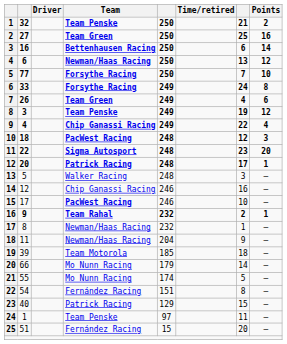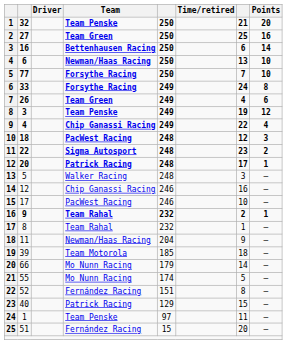 <table class="wikitable sortable" style="font-size:95%;">
 <tr>
 <th scope="col"></th>
 <th scope="col"></th>
 <th scope="col">Driver</th>
 <th scope="col">Team</th>
 <th scope="col"></th>
 <th scope="col">Time/retired</th>
 <th scope="col"></th>
 <th scope="col">Points</th>
 </tr>
 <tr>
 <th scope="row">1</th>
 <td align="center"><strong>32</strong></td>
 <td></td>
 <td><strong><a href='#'>Team Penske</a></strong></td>
 <td align="center"><strong>250</strong></td>
 <td align="center"></td>
 <td align="center"><strong>21</strong></td>
-<td align="center"><strong>2</strong></td>
+<td align="center"><strong>20</strong></td>
 </tr>
 <tr>
 <th scope="row">2</th>
 <td align="center"><strong>27</strong></td>
 <td></td>
 <td><strong><a href='#'>Team Green</a></strong></td>
 <td align="center"><strong>250</strong></td>
 <td align="center"></td>
 <td align="center"><strong>25</strong></td>
 <td align="center"><strong>16</strong></td>
 </tr>
 <tr>
 <th scope="row">3</th>
 <td align="center"><strong>16</strong></td>
 <td></td>
 <td><strong><a href='#'>Bettenhausen Racing</a></strong></td>
 <td align="center"><strong>250</strong></td>
 <td align="center"></td>
 <td align="center"><strong>6</strong></td>
 <td align="center"><strong>14</strong></td>
 </tr>
 <tr>
 <th scope="row">4</th>
 <td align="center"><strong>6</strong></td>
 <td></td>
 <td><strong><a href='#'>Newman/Haas Racing</a></strong></td>
 <td align="center"><strong>250</strong></td>
 <td align="center"></td>
 <td align="center"><strong>13</strong></td>
-<td align="center"><strong>12</strong></td>
+<td align="center"><strong>10</strong></td>
 </tr>
 <tr>
 <th scope="row">5</th>
 <td align="center"><strong>77</strong></td>
 <td></td>
 <td><strong><a href='#'>Forsythe Racing</a></strong></td>
 <td align="center"><strong>250</strong></td>
 <td align="center"></td>
 <td align="center"><strong>7</strong></td>
 <td align="center"><strong>10</strong></td>
 </tr>
 <tr>
 <th scope="row">6</th>
 <td align="center"><strong>33</strong></td>
 <td></td>
 <td><strong><a href='#'>Forsythe Racing</a></strong></td>
 <td align="center"><strong>249</strong></td>
 <td align="center"></td>
 <td align="center"><strong>24</strong></td>
 <td align="center"><strong>8</strong></td>
 </tr>
 <tr>
 <th scope="row">7</th>
 <td align="center"><strong>26</strong></td>
 <td></td>
 <td><strong><a href='#'>Team Green</a></strong></td>
 <td align="center"><strong>249</strong></td>
 <td align="center"></td>
 <td align="center"><strong>4</strong></td>
 <td align="center"><strong>6</strong></td>
 </tr>
 <tr>
 <th scope="row">8</th>
 <td align="center"><strong>3</strong></td>
 <td></td>
 <td><strong><a href='#'>Team Penske</a></strong></td>
 <td align="center"><strong>249</strong></td>
 <td align="center"></td>
 <td align="center"><strong>19</strong></td>
 <td align="center"><strong>12</strong></td>
 </tr>
 <tr>
 <th scope="row">9</th>
 <td align="center"><strong>4</strong></td>
 <td></td>
 <td><strong><a href='#'>Chip Ganassi Racing</a></strong></td>
 <td align="center"><strong>249</strong></td>
 <td align="center"></td>
 <td align="center"><strong>22</strong></td>
 <td align="center"><strong>4</strong></td>
 </tr>
 <tr>
 <th scope="row">10</th>
 <td align="center"><strong>18</strong></td>
 <td></td>
 <td><strong><a href='#'>PacWest Racing</a></strong></td>
 <td align="center"><strong>248</strong></td>
 <td align="center"></td>
 <td align="center"><strong>12</strong></td>
 <td align="center"><strong>3</strong></td>
 </tr>
 <tr>
 <th scope="row">11</th>
 <td align="center"><strong>22</strong></td>
 <td></td>
 <td><strong><a href='#'>Sigma Autosport</a></strong></td>
 <td align="center"><strong>248</strong></td>
 <td align="center"></td>
 <td align="center"><strong>23</strong></td>
-<td align="center"><strong>20</strong></td>
+<td align="center"><strong>2</strong></td>
 </tr>
 <tr>
 <th scope="row">12</th>
 <td align="center"><strong>20</strong></td>
 <td></td>
 <td><strong><a href='#'>Patrick Racing</a></strong></td>
 <td align="center"><strong>248</strong></td>
 <td align="center"></td>
 <td align="center"><strong>17</strong></td>
 <td align="center"><strong>1</strong></td>
 </tr>
 <tr>
 <th scope="row">13</th>
 <td align="center">5</td>
 <td></td>
 <td><a href='#'>Walker Racing</a></td>
 <td align="center">248</td>
 <td align="center"></td>
 <td align="center">3</td>
 <td align="center">—</td>
 </tr>
 <tr>
 <th scope="row">14</th>
 <td align="center">12</td>
 <td></td>
 <td><a href='#'>Chip Ganassi Racing</a></td>
 <td align="center">246</td>
 <td align="center"></td>
 <td align="center">16</td>
 <td align="center">—</td>
 </tr>
 <tr>
 <th scope="row">15</th>
 <td align="center">17</td>
 <td></td>
-<td><strong><a href='#'>PacWest Racing</a></strong></td>
+<td><a href='#'>PacWest Racing</a></td>
 <td align="center">246</td>
 <td align="center"></td>
 <td align="center">10</td>
 <td align="center">—</td>
 </tr>
 <tr>
 <th scope="row">16</th>
 <td align="center"><strong>9</strong></td>
 <td></td>
 <td><strong><a href='#'>Team Rahal</a></strong></td>
 <td align="center"><strong>232</strong></td>
 <td align="center"></td>
 <td align="center"><strong>2</strong></td>
 <td align="center"><strong>1</strong></td>
 </tr>
 <tr>
 <th scope="row">17</th>
 <td align="center">8</td>
 <td></td>
-<td><a href='#'>Newman/Haas Racing</a></td>
+<td><a href='#'>Team Rahal</a></td>
 <td align="center">232</td>
 <td align="center"></td>
 <td align="center">1</td>
 <td align="center">—</td>
 </tr>
 <tr>
 <th scope="row">18</th>
 <td align="center">11</td>
 <td></td>
 <td><a href='#'>Newman/Haas Racing</a></td>
 <td align="center">204</td>
 <td align="center"></td>
 <td align="center">9</td>
 <td align="center">—</td>
 </tr>
 <tr>
 <th scope="row">19</th>
 <td align="center">39</td>
 <td></td>
 <td><a href='#'>Team Motorola</a></td>
 <td align="center">185</td>
 <td align="center"></td>
 <td align="center">18</td>
 <td align="center">—</td>
 </tr>
 <tr>
 <th scope="row">20</th>
 <td align="center">66</td>
 <td></td>
 <td><a href='#'>Mo Nunn Racing</a></td>
 <td align="center">179</td>
 <td align="center"></td>
 <td align="center">14</td>
 <td align="center">—</td>
 </tr>
 <tr>
 <th scope="row">21</th>
 <td align="center">55</td>
 <td></td>
 <td><a href='#'>Mo Nunn Racing</a></td>
 <td align="center">174</td>
 <td align="center"></td>
 <td align="center">5</td>
 <td align="center">—</td>
 </tr>
 <tr>
 <th scope="row">22</th>
-<td align="center">54</td>
+<td align="center">52</td>
 <td></td>
 <td><a href='#'>Fernández Racing</a></td>
 <td align="center">151</td>
 <td align="center"></td>
 <td align="center">8</td>
 <td align="center">—</td>
 </tr>
 <tr>
 <th scope="row">23</th>
 <td align="center">40</td>
 <td></td>
 <td><a href='#'>Patrick Racing</a></td>
 <td align="center">129</td>
 <td align="center"></td>
 <td align="center">15</td>
 <td align="center">—</td>
 </tr>
 <tr>
 <th scope="row">24</th>
 <td align="center">1</td>
 <td></td>
 <td><a href='#'>Team Penske</a></td>
 <td align="center">97</td>
 <td align="center"></td>
 <td align="center">11</td>
 <td align="center">—</td>
 </tr>
 <tr>
 <th scope="row">25</th>
 <td align="center">51</td>
 <td></td>
 <td><a href='#'>Fernández Racing</a></td>
 <td align="center">15</td>
 <td align="center"></td>
 <td align="center">20</td>
 <td align="center">—</td>
 </tr>
 <tr class="sortbottom">
 <td colspan="8"></td>
 </tr>
 </table>
